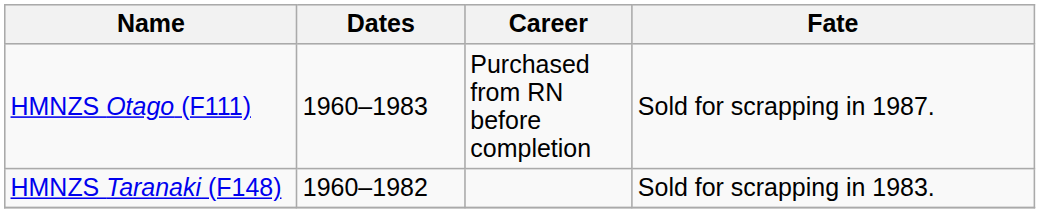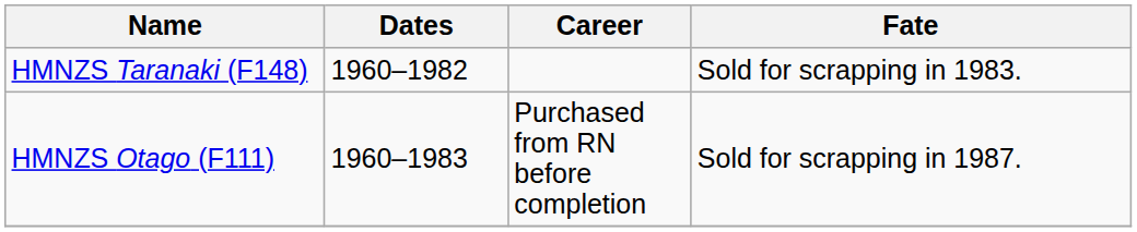 <table class="wikitable">
 <tr>
 <th width="180">Name</th>
 <th width="100">Dates</th>
 <th width="100">Career</th>
 <th width="250">Fate</th>
 </tr>
 <tr>
+<td><a href='#'>HMNZS <em>Taranaki</em> (F148)</a></td>
+<td>1960–1982</td>
+<td> </td>
+<td>Sold for scrapping in 1983.</td>
+</tr>
+<tr>
 <td><a href='#'>HMNZS <em>Otago</em> (F111)</a></td>
 <td>1960–1983</td>
 <td>Purchased from RN before completion</td>
 <td>Sold for scrapping in 1987.</td>
 </tr>
 <tr>
-<td><a href='#'>HMNZS <em>Taranaki</em> (F148)</a></td>
-<td>1960–1982</td>
-<td> </td>
-<td>Sold for scrapping in 1983.</td>
-</tr>
-<tr>
 </tr>
 </table>
